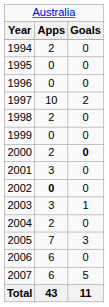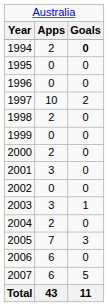 <table class="wikitable" style="text-align: center;">
 <tr>
 <td colspan=3><a href='#'>Australia</a></td>
 </tr>
 <tr>
 <th>Year</th>
 <th>Apps</th>
 <th>Goals</th>
 </tr>
 <tr>
 </tr>
 <tr>
 <td>1994</td>
 <td>2</td>
-<td>0</td>
+<td><strong>0</strong></td>
 </tr>
 <tr>
 <td>1995</td>
 <td>0</td>
 <td>0</td>
 </tr>
 <tr>
 <td>1996</td>
 <td>0</td>
 <td>0</td>
 </tr>
 <tr>
 <td>1997</td>
 <td>10</td>
 <td>2</td>
 </tr>
 <tr>
 <td>1998</td>
 <td>2</td>
 <td>0</td>
 </tr>
 <tr>
 <td>1999</td>
 <td>0</td>
 <td>0</td>
 </tr>
 <tr>
 <td>2000</td>
 <td>2</td>
-<td><strong>0</strong></td>
+<td>0</td>
 </tr>
 <tr>
 <td>2001</td>
 <td>3</td>
 <td>0</td>
 </tr>
 <tr>
 <td>2002</td>
-<td><strong>0</strong></td>
+<td>0</td>
 <td>0</td>
 </tr>
 <tr>
 <td>2003</td>
 <td>3</td>
 <td>1</td>
 </tr>
 <tr>
 <td>2004</td>
 <td>2</td>
 <td>0</td>
 </tr>
 <tr>
 <td>2005</td>
 <td>7</td>
 <td>3</td>
 </tr>
 <tr>
 <td>2006</td>
 <td>6</td>
 <td>0</td>
 </tr>
 <tr>
 <td>2007</td>
 <td>6</td>
 <td>5</td>
 </tr>
 <tr>
 <th>Total</th>
 <th>43</th>
 <th>11</th>
 </tr>
 </table>
